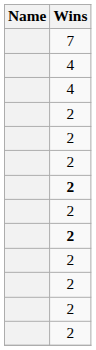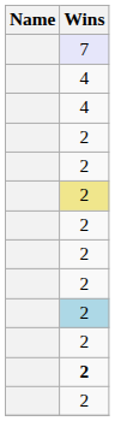 <table class="sortable wikitable plainrowheaders" style="text-align:center">
 <tr>
 <th scope=col>Name</th>
 <th scope=col data-sort-type=number>Wins</th>
 </tr>
 <tr>
 <th scope="row"></th>
-<td>7</td>
+<td style="background: lavender;">7</td>
 </tr>
 <tr>
 <th scope="row"></th>
 <td>4</td>
 </tr>
 <tr>
 <th scope="row"></th>
 <td>4</td>
 </tr>
 <tr>
 <th scope="row"></th>
 <td>2</td>
 </tr>
 <tr>
 <th scope="row"></th>
 <td>2</td>
 </tr>
 <tr>
 <th scope="row"></th>
-<td>2</td>
-</tr>
-<tr>
-<th scope="row"></th>
-<td><strong>2</strong></td>
-</tr>
-<tr>
-<th scope="row"></th>
-<td>2</td>
-</tr>
-<tr>
-<th scope="row"></th>
-<td><strong>2</strong></td>
+<td style="background: khaki;">2</td>
 </tr>
 <tr>
 <th scope="row"></th>
 <td>2</td>
 </tr>
 <tr>
 <th scope="row"></th>
 <td>2</td>
 </tr>
 <tr>
 <th scope="row"></th>
 <td>2</td>
 </tr>
 <tr>
 <th scope="row"></th>
+<td style="background: lightblue;">2</td>
+</tr>
+<tr>
+<th scope="row"></th>
+<td>2</td>
+</tr>
+<tr>
+<th scope="row"></th>
+<td><strong>2</strong></td>
+</tr>
+<tr>
+<th scope="row"></th>
 <td>2</td>
 </tr>
 <tr>
 </tr>
 </table>
